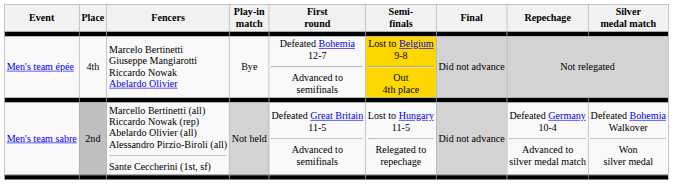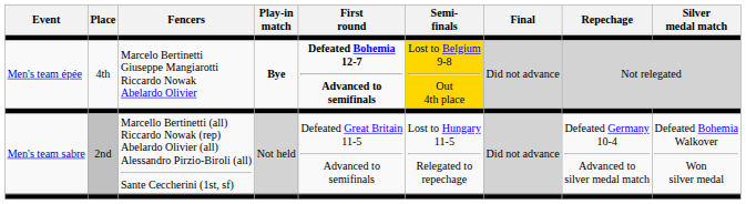 <table class=wikitable>
 <tr>
 <th>Event</th>
 <th>Place</th>
 <th>Fencers</th>
 <th>Play-in <br> match</th>
 <th>First <br> round</th>
 <th>Semi-<br>finals</th>
 <th>Final</th>
 <th>Repechage</th>
 <th>Silver <br> medal match</th>
 </tr>
 <tr bgcolor=black>
 <td></td>
 <td></td>
 <td></td>
 <td></td>
 <td></td>
 <td></td>
 <td></td>
 <td></td>
 <td></td>
 </tr>
 <tr align=center>
 <td align=left><a href='#'>Men's team épée</a></td>
 <td>4th</td>
 <td align=left>Marcelo Bertinetti <br> Giuseppe Mangiarotti <br> Riccardo Nowak <br> <a href='#'>Abelardo Olivier</a></td>
-<td>Bye</td>
-<td>Defeated <a href='#'>Bohemia</a> <br> 12-7 <hr> Advanced to <br> semifinals</td>
+<td><strong>Bye</strong></td>
+<td><strong>Defeated <a href='#'>Bohemia</a> <br> 12-7 <hr> Advanced to <br> semifinals</strong></td>
 <td style="background: gold;">Lost to <a href='#'>Belgium</a> <br> 9-8 <hr> Out <br> 4th place</td>
 <td bgcolor=lightgray>Did not advance</td>
 <td colspan=2 bgcolor=lightgray>Not relegated</td>
 </tr>
 <tr bgcolor=black>
 <td></td>
 <td></td>
 <td></td>
 <td></td>
 <td></td>
 <td></td>
 <td></td>
 <td></td>
 <td></td>
 </tr>
 <tr align=center>
 <td align=left><a href='#'>Men's team sabre</a></td>
 <td bgcolor=silver>2nd</td>
 <td align=left>Marcello Bertinetti (all) <br> Riccardo Nowak (rep) <br> Abelardo Olivier (all) <br> Alessandro Pirzio-Biroli (all) <hr> Sante Ceccherini (1st, sf) </td>
 <td bgcolor=lightgray>Not held</td>
 <td>Defeated <a href='#'>Great Britain</a> <br> 11-5 <hr> Advanced to <br> semifinals</td>
 <td>Lost to <a href='#'>Hungary</a> <br> 11-5 <hr> Relegated to <br> repechage</td>
 <td bgcolor=lightgray>Did not advance</td>
 <td>Defeated <a href='#'>Germany</a> <br> 10-4 <hr> Advanced to <br> silver medal match</td>
 <td>Defeated <a href='#'>Bohemia</a> <br> Walkover <hr> Won <br> silver medal</td>
 </tr>
 <tr bgcolor=black>
 <td></td>
 <td></td>
 <td></td>
 <td></td>
 <td></td>
 <td></td>
 <td></td>
 <td></td>
 <td></td>
 </tr>
 </table>
